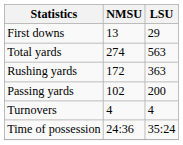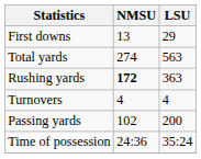 <table class="wikitable">
 <tr>
 <th>Statistics</th>
 <th>NMSU</th>
 <th>LSU</th>
 </tr>
 <tr>
 <td>First downs</td>
 <td>13</td>
 <td>29</td>
 </tr>
 <tr>
 <td>Total yards</td>
 <td>274</td>
 <td>563</td>
 </tr>
 <tr>
 <td>Rushing yards</td>
-<td>172</td>
+<td><strong>172</strong></td>
 <td>363</td>
+</tr>
+<tr>
+<td>Turnovers</td>
+<td>4</td>
+<td>4</td>
 </tr>
 <tr>
 <td>Passing yards</td>
 <td>102</td>
 <td>200</td>
-</tr>
-<tr>
-<td>Turnovers</td>
-<td>4</td>
-<td>4</td>
 </tr>
 <tr>
 <td>Time of possession</td>
 <td>24:36</td>
 <td>35:24</td>
 </tr>
 <tr>
 </tr>
 </table>
